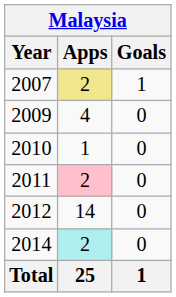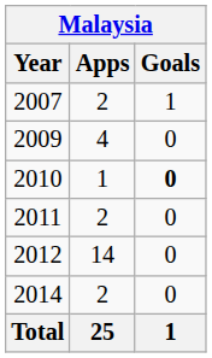 <table class="wikitable" style="text-align:center">
 <tr>
 <th colspan=3><a href='#'>Malaysia</a></th>
 </tr>
 <tr>
 <th>Year</th>
 <th>Apps</th>
 <th>Goals</th>
 </tr>
 <tr>
 <td>2007</td>
-<td style="background: khaki;">2</td>
+<td>2</td>
 <td>1</td>
 </tr>
 <tr>
 <td>2009</td>
 <td>4</td>
 <td>0</td>
 </tr>
 <tr>
 <td>2010</td>
 <td>1</td>
-<td>0</td>
+<td><strong>0</strong></td>
 </tr>
 <tr>
 <td>2011</td>
-<td style="background: pink;">2</td>
+<td>2</td>
 <td>0</td>
 </tr>
 <tr>
 <td>2012</td>
 <td>14</td>
 <td>0</td>
 </tr>
 <tr>
 <td>2014</td>
-<td style="background: paleturquoise;">2</td>
+<td>2</td>
 <td>0</td>
 </tr>
 <tr>
 <th>Total</th>
 <th>25</th>
 <th>1</th>
 </tr>
 </table>
